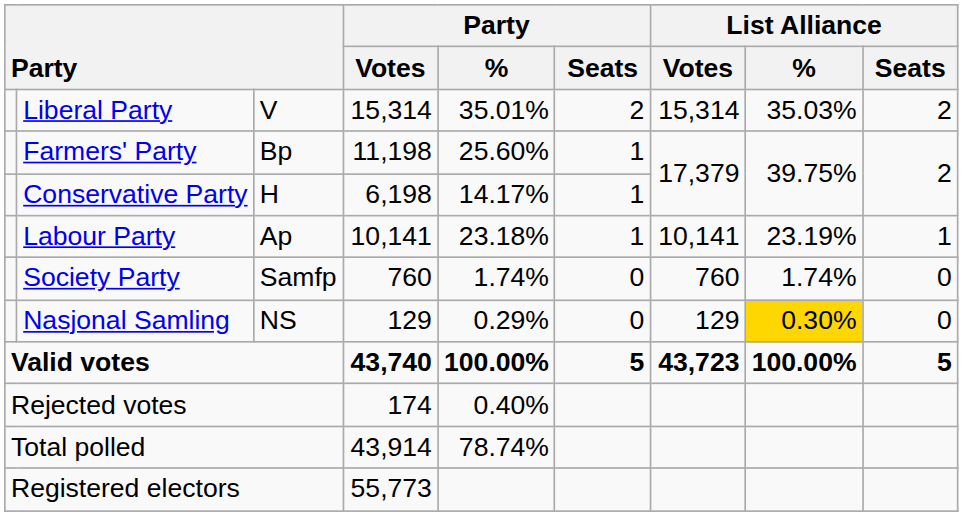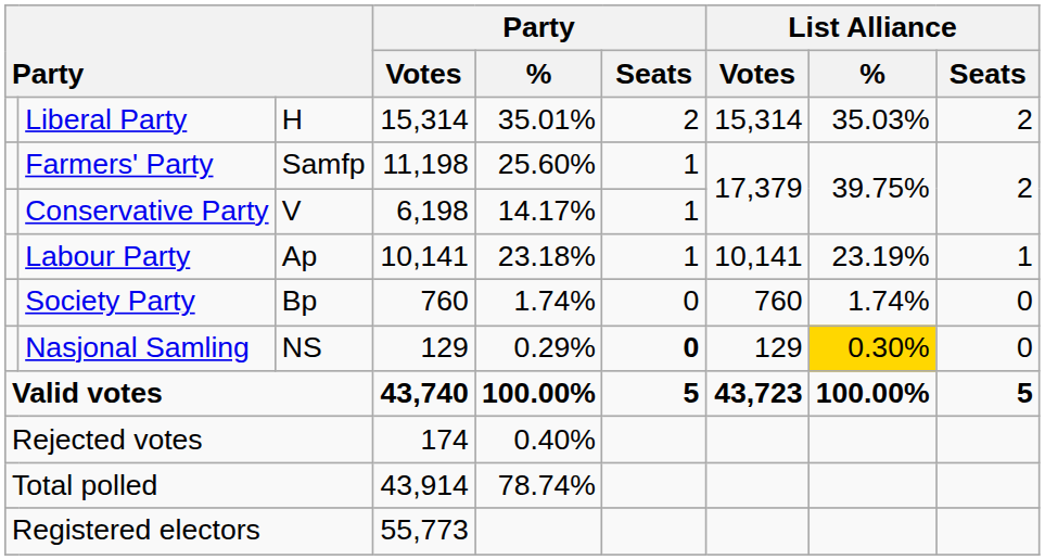 <table class="wikitable" border="1" style="text-align:right;">
 <tr>
 <th style="text-align:left;" valign=bottom rowspan=2 colspan=3>Party</th>
 <th colspan=3>Party</th>
 <th colspan=3>List Alliance</th>
 </tr>
 <tr>
 <th align=center valign=bottom width="50">Votes</th>
 <th align=center valign=bottom width="50">%</th>
 <th align=center valign=bottom width="50">Seats</th>
 <th align=center valign=bottom width="50">Votes</th>
 <th align=center valign=bottom width="50">%</th>
 <th align=center valign=bottom width="50">Seats</th>
 </tr>
 <tr>
 <td style="color:inherit;background:"></td>
 <td align=left><a href='#'>Liberal Party</a></td>
-<td align=left>V</td>
+<td align=left>H</td>
 <td>15,314</td>
 <td>35.01%</td>
 <td>2</td>
 <td>15,314</td>
 <td>35.03%</td>
 <td>2</td>
 </tr>
 <tr>
 <td style="color:inherit;background:"></td>
 <td align=left><a href='#'>Farmers' Party</a></td>
-<td align=left>Bp</td>
+<td align=left>Samfp</td>
 <td>11,198</td>
 <td>25.60%</td>
 <td>1</td>
 <td rowspan=2>17,379</td>
 <td rowspan=2>39.75%</td>
 <td rowspan=2>2</td>
 </tr>
 <tr>
 <td style="color:inherit;background:"></td>
 <td align=left><a href='#'>Conservative Party</a></td>
-<td align=left>H</td>
+<td align=left>V</td>
 <td>6,198</td>
 <td>14.17%</td>
 <td>1</td>
 </tr>
 <tr>
 <td style="color:inherit;background:"></td>
 <td align=left><a href='#'>Labour Party</a></td>
 <td align=left>Ap</td>
 <td>10,141</td>
 <td>23.18%</td>
 <td>1</td>
 <td>10,141</td>
 <td>23.19%</td>
 <td>1</td>
 </tr>
 <tr>
 <td></td>
 <td align=left><a href='#'>Society Party</a></td>
-<td align=left>Samfp</td>
+<td align=left>Bp</td>
 <td>760</td>
 <td>1.74%</td>
 <td>0</td>
 <td>760</td>
 <td>1.74%</td>
 <td>0</td>
 </tr>
 <tr>
 <td style="color:inherit;background:"></td>
 <td align=left><a href='#'>Nasjonal Samling</a></td>
 <td align=left>NS</td>
 <td>129</td>
 <td>0.29%</td>
-<td>0</td>
+<td><strong>0</strong></td>
 <td>129</td>
 <td style="background: gold;">0.30%</td>
 <td>0</td>
 </tr>
 <tr style="font-weight:bold">
 <td align=left colspan=3>Valid votes</td>
 <td>43,740</td>
 <td>100.00%</td>
 <td>5</td>
 <td>43,723</td>
 <td>100.00%</td>
 <td>5</td>
 </tr>
 <tr>
 <td align=left colspan=3>Rejected votes</td>
 <td>174</td>
 <td>0.40%</td>
 <td></td>
 <td></td>
 <td></td>
 <td></td>
 </tr>
 <tr>
 <td align=left colspan=3>Total polled</td>
 <td>43,914</td>
 <td>78.74%</td>
 <td></td>
 <td></td>
 <td></td>
 <td></td>
 </tr>
 <tr>
 <td align=left colspan=3>Registered electors</td>
 <td>55,773</td>
 <td></td>
 <td></td>
 <td></td>
 <td></td>
 <td></td>
 </tr>
 </table>
